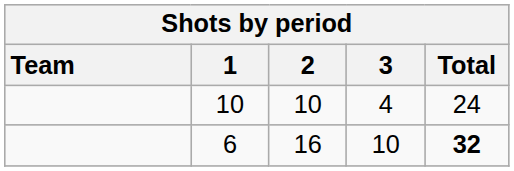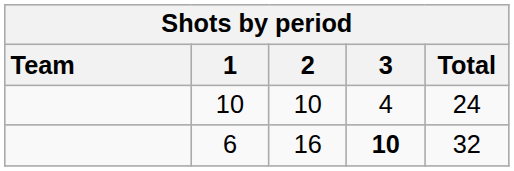 <table class="wikitable" style="width:20em;">
 <tr>
 <th colspan="6">Shots by period</th>
 </tr>
 <tr>
 <th style="width:8em; text-align:left;">Team</th>
 <th style="width:3em;">1</th>
 <th style="width:3em;">2</th>
 <th style="width:3em;">3</th>
 <th style="width:3em;">Total</th>
 </tr>
 <tr style="text-align:center;">
 <td style="text-align:left;"></td>
 <td>10</td>
 <td>10</td>
 <td>4</td>
 <td>24</td>
 </tr>
 <tr style="text-align:center;">
 <td style="text-align:left;"></td>
 <td>6</td>
 <td>16</td>
-<td>10</td>
-<td><strong>32</strong></td>
+<td><strong>10</strong></td>
+<td>32</td>
 </tr>
 </table>
